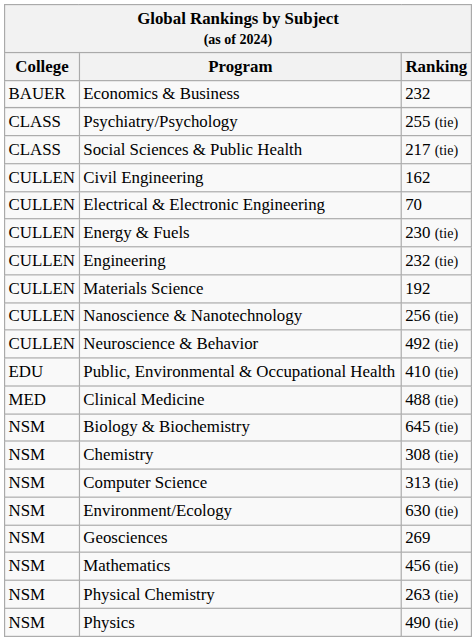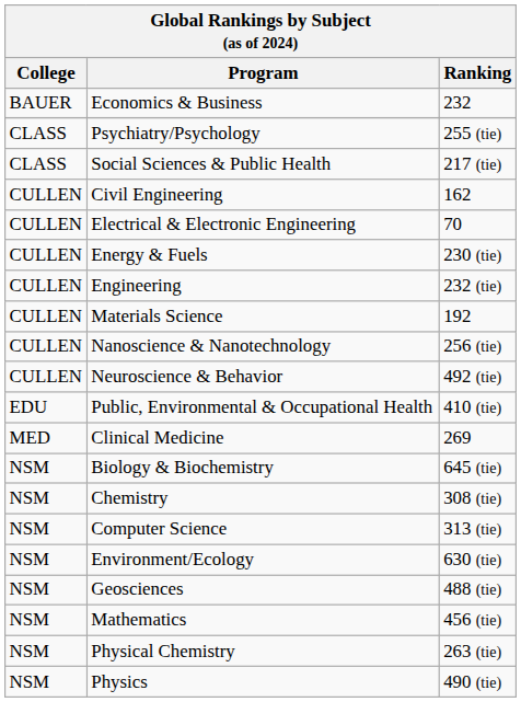 <table class="wikitable collapsible collapsed" style="float:center; font-size: 90%; width:400px; text-align:left">
 <tr>
 <th colspan=4>Global Rankings by Subject<br><small>(as of 2024)</small></th>
 </tr>
 <tr>
 <th>College</th>
 <th>Program</th>
 <th>Ranking</th>
 </tr>
 <tr>
 <td>BAUER</td>
 <td>Economics & Business</td>
 <td>232</td>
 </tr>
 <tr>
 </tr>
 <tr>
 <td>CLASS</td>
 <td>Psychiatry/Psychology</td>
 <td>255 <small>(tie)</small></td>
 </tr>
 <tr>
 <td>CLASS</td>
 <td>Social Sciences & Public Health</td>
 <td>217 <small>(tie)</small></td>
 </tr>
 <tr>
 <td>CULLEN</td>
 <td>Civil Engineering</td>
 <td>162</td>
 </tr>
 <tr>
 <td>CULLEN</td>
 <td>Electrical & Electronic Engineering</td>
 <td>70</td>
 </tr>
 <tr>
 <td>CULLEN</td>
 <td>Energy & Fuels</td>
 <td>230 <small>(tie)</small></td>
 </tr>
 <tr>
 <td>CULLEN</td>
 <td>Engineering</td>
 <td>232 <small>(tie)</small></td>
 </tr>
 <tr>
 <td>CULLEN</td>
 <td>Materials Science</td>
 <td>192</td>
 </tr>
 <tr>
 <td>CULLEN</td>
 <td>Nanoscience & Nanotechnology</td>
 <td>256 <small>(tie)</small></td>
 </tr>
 <tr>
 <td>CULLEN</td>
 <td>Neuroscience & Behavior</td>
 <td>492 <small>(tie)</small></td>
 </tr>
 <tr>
 <td>EDU</td>
 <td>Public, Environmental & Occupational Health</td>
 <td>410 <small>(tie)</small></td>
 </tr>
 <tr>
 <td>MED</td>
 <td>Clinical Medicine</td>
-<td>488 <small>(tie)</small></td>
+<td>269</td>
 </tr>
 <tr>
 <td>NSM</td>
 <td>Biology & Biochemistry</td>
 <td>645 <small>(tie)</small></td>
 </tr>
 <tr>
 <td>NSM</td>
 <td>Chemistry</td>
 <td>308 <small>(tie)</small></td>
 </tr>
 <tr>
 <td>NSM</td>
 <td>Computer Science</td>
 <td>313 <small>(tie)</small></td>
 </tr>
 <tr>
 <td>NSM</td>
 <td>Environment/Ecology</td>
 <td>630 <small>(tie)</small></td>
 </tr>
 <tr>
 <td>NSM</td>
 <td>Geosciences</td>
-<td>269</td>
+<td>488 <small>(tie)</small></td>
 </tr>
 <tr>
 <td>NSM</td>
 <td>Mathematics</td>
 <td>456 <small>(tie)</small></td>
 </tr>
 <tr>
 <td>NSM</td>
 <td>Physical Chemistry</td>
 <td>263 <small>(tie)</small></td>
 </tr>
 <tr>
 <td>NSM</td>
 <td>Physics</td>
 <td>490 <small>(tie)</small></td>
 </tr>
 </table>
